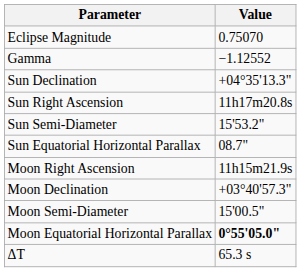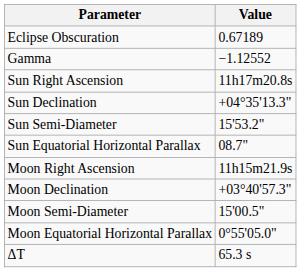 <table class="wikitable">
 <tr>
 <th>Parameter</th>
 <th>Value</th>
 </tr>
 <tr>
-<td>Eclipse Magnitude</td>
-<td>0.75070</td>
+<td>Eclipse Obscuration</td>
+<td>0.67189</td>
 </tr>
 <tr>
 <td>Gamma</td>
 <td>−1.12552</td>
 </tr>
 <tr>
+<td>Sun Right Ascension</td>
+<td>11h17m20.8s</td>
+</tr>
+<tr>
 <td>Sun Declination</td>
 <td>+04°35'13.3"</td>
-</tr>
-<tr>
-<td>Sun Right Ascension</td>
-<td>11h17m20.8s</td>
 </tr>
 <tr>
 <td>Sun Semi-Diameter</td>
 <td>15'53.2"</td>
 </tr>
 <tr>
 <td>Sun Equatorial Horizontal Parallax</td>
 <td>08.7"</td>
 </tr>
 <tr>
 <td>Moon Right Ascension</td>
 <td>11h15m21.9s</td>
 </tr>
 <tr>
 <td>Moon Declination</td>
 <td>+03°40'57.3"</td>
 </tr>
 <tr>
 <td>Moon Semi-Diameter</td>
 <td>15'00.5"</td>
 </tr>
 <tr>
 <td>Moon Equatorial Horizontal Parallax</td>
-<td><strong>0°55'05.0"</strong></td>
+<td>0°55'05.0"</td>
 </tr>
 <tr>
 <td>ΔT</td>
 <td>65.3 s</td>
 </tr>
 </table>
